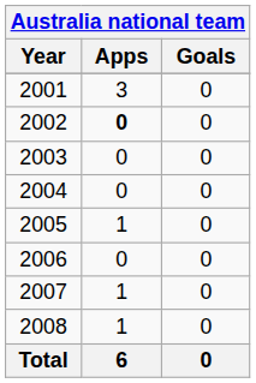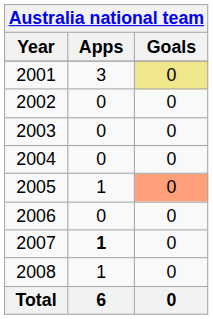 <table class="wikitable" style="text-align:center">
 <tr>
 <th colspan=3><a href='#'>Australia national team</a></th>
 </tr>
 <tr>
 <th>Year</th>
 <th>Apps</th>
 <th>Goals</th>
 </tr>
 <tr>
 </tr>
 <tr>
 <td>2001</td>
 <td>3</td>
-<td>0</td>
+<td style="background: khaki;">0</td>
 </tr>
 <tr>
 <td>2002</td>
-<td><strong>0</strong></td>
+<td>0</td>
 <td>0</td>
 </tr>
 <tr>
 <td>2003</td>
 <td>0</td>
 <td>0</td>
 </tr>
 <tr>
 <td>2004</td>
 <td>0</td>
 <td>0</td>
 </tr>
 <tr>
 <td>2005</td>
 <td>1</td>
-<td>0</td>
+<td style="background: lightsalmon;">0</td>
 </tr>
 <tr>
 <td>2006</td>
 <td>0</td>
 <td>0</td>
 </tr>
 <tr>
 <td>2007</td>
-<td>1</td>
+<td><strong>1</strong></td>
 <td>0</td>
 </tr>
 <tr>
 <td>2008</td>
 <td>1</td>
 <td>0</td>
 </tr>
 <tr>
 <th>Total</th>
 <th>6</th>
 <th>0</th>
 </tr>
 </table>
